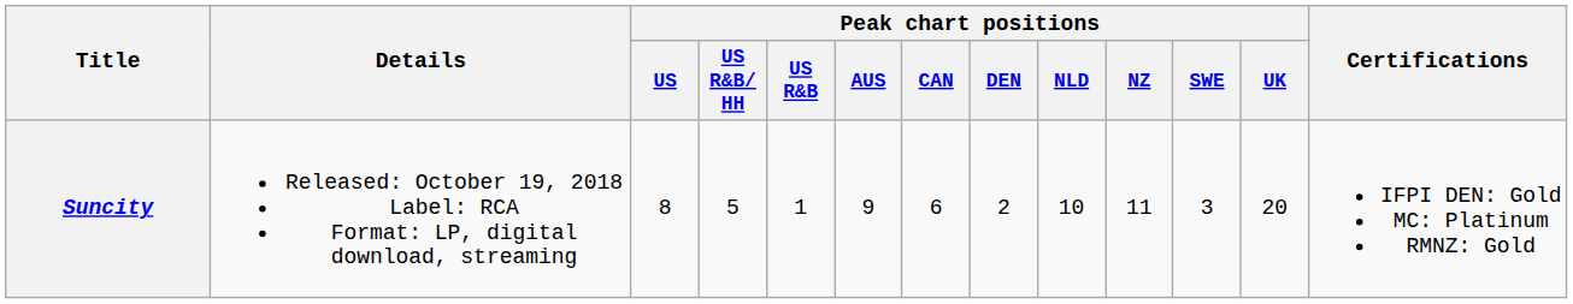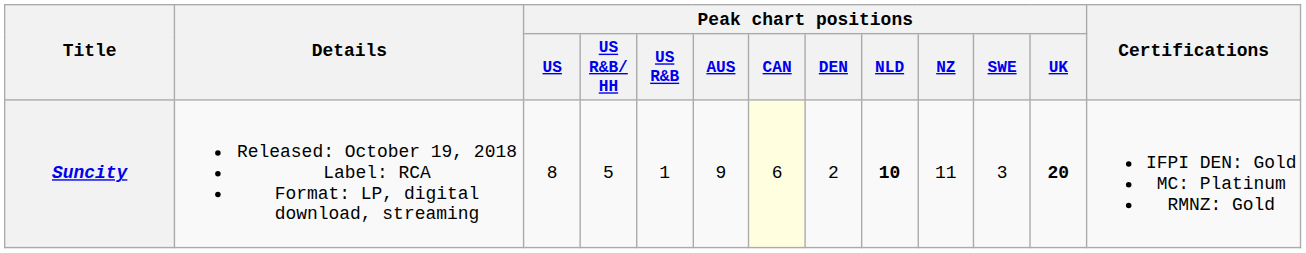 <table class="wikitable plainrowheaders" style="text-align:center;">
 <tr>
 <th scope="col" rowspan="2" style="width:9em;">Title</th>
 <th scope="col" rowspan="2" style="width:19em;">Details</th>
 <th scope="col" colspan="10">Peak chart positions</th>
 <th scope="col" rowspan="2">Certifications</th>
 </tr>
 <tr>
 <th scope="col" style="width:3em;font-size:90%;"><a href='#'>US</a><br></th>
 <th scope="col" style="width:3em;font-size:90%;"><a href='#'>US<br>R&B/<br>HH</a><br></th>
 <th scope="col" style="width:3em;font-size:90%;"><a href='#'>US R&B</a><br></th>
 <th scope="col" style="width:3em;font-size:90%;"><a href='#'>AUS</a><br></th>
 <th scope="col" style="width:3em;font-size:90%;"><a href='#'>CAN</a><br></th>
 <th scope="col" style="width:3em;font-size:90%;"><a href='#'>DEN</a><br></th>
 <th scope="col" style="width:3em;font-size:90%;"><a href='#'>NLD</a><br></th>
 <th scope="col" style="width:3em;font-size:90%;"><a href='#'>NZ</a><br></th>
 <th scope="col" style="width:3em;font-size:90%;"><a href='#'>SWE</a><br></th>
 <th scope="col" style="width:3em;font-size:90%;"><a href='#'>UK</a><br></th>
 </tr>
 <tr>
 <th scope="row"><em><a href='#'>Suncity</a></em></th>
 <td><br><ul><li>Released: October 19, 2018</li><li>Label: RCA</li><li>Format: LP, digital download, streaming</li></ul></td>
 <td>8</td>
 <td>5</td>
 <td>1</td>
 <td>9</td>
-<td>6</td>
+<td style="background: lightyellow;">6</td>
 <td>2</td>
-<td>10</td>
+<td><strong>10</strong></td>
 <td>11</td>
 <td>3</td>
-<td>20</td>
+<td><strong>20</strong></td>
 <td><br><ul><li>IFPI DEN: Gold</li><li>MC: Platinum</li><li>RMNZ: Gold</li></ul></td>
 </tr>
 </table>
